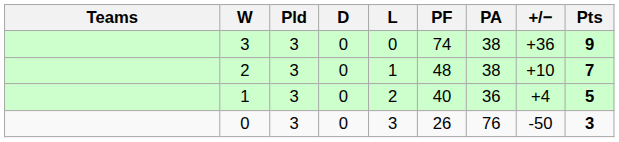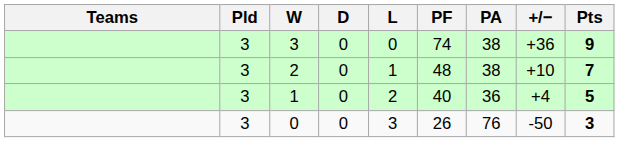 <table class="wikitable" style="text-align: center;">
 <tr>
 <th width="200">Teams</th>
+<th width="40">Pld</th>
 <th width="40">W</th>
-<th width="40">Pld</th>
 <th width="40">D</th>
 <th width="40">L</th>
 <th width="40">PF</th>
 <th width="40">PA</th>
 <th width="40">+/−</th>
 <th width="40">Pts</th>
 </tr>
 <tr style="background:#cfc; width:20px;">
 <td align=left></td>
 <td>3</td>
 <td>3</td>
 <td>0</td>
 <td>0</td>
 <td>74</td>
 <td>38</td>
 <td>+36</td>
 <td><strong>9</strong></td>
 </tr>
 <tr style="background:#cfc; width:20px;">
 <td align=left></td>
+<td>3</td>
 <td>2</td>
-<td>3</td>
 <td>0</td>
 <td>1</td>
 <td>48</td>
 <td>38</td>
 <td>+10</td>
 <td><strong>7</strong></td>
 </tr>
 <tr style="background:#cfc; width:20px;">
 <td align=left></td>
+<td>3</td>
 <td>1</td>
-<td>3</td>
 <td>0</td>
 <td>2</td>
 <td>40</td>
 <td>36</td>
 <td>+4</td>
 <td><strong>5</strong></td>
 </tr>
 <tr>
 <td align=left></td>
+<td>3</td>
 <td>0</td>
-<td>3</td>
 <td>0</td>
 <td>3</td>
 <td>26</td>
 <td>76</td>
 <td>-50</td>
 <td><strong>3</strong></td>
 </tr>
 </table>
